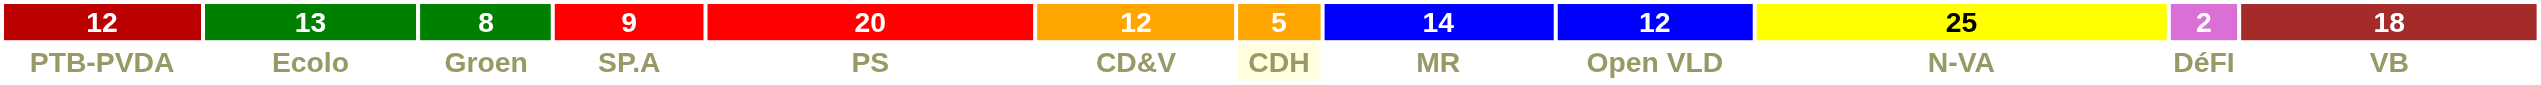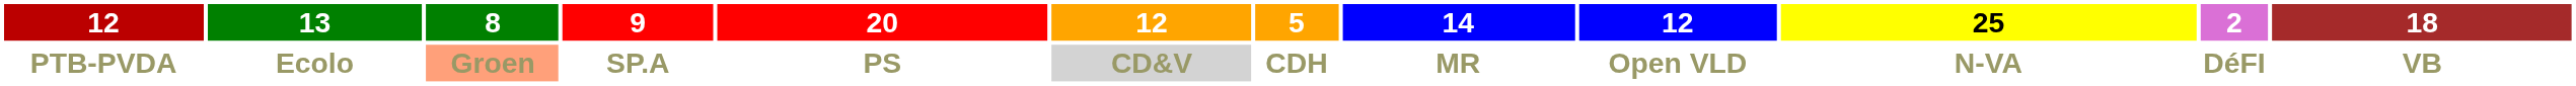 <table style="width:100%; font-size:88%; text-align:center;">
 <tr style="font-weight:bold">
 <td style="background:#BB0000; width:7.20%; color:white">12</td>
 <td style="background:green; width:7.80%; color:white">13</td>
 <td style="background:green; width:4.80%; color:white">8</td>
 <td style="background:red; width:5.40%; color:white">9</td>
 <td style="background:red; width:12.00%; color:white">20</td>
 <td style="background:orange; width:7.20%; color:white">12</td>
 <td style="background:orange; width:3.00%; color:white">5</td>
 <td style="background:blue; width:8.40%; color:white">14</td>
 <td style="background:blue; width:7.20%; color:white">12</td>
 <td style="background:yellow; width:15.00%; color:black">25</td>
 <td style="background:orchid; width:1.20%; color:white">2</td>
 <td style="background:brown; width:10.80%; color:white">18</td>
 </tr>
 <tr style="font-weight:bold; color:#996;">
 <td>PTB-PVDA</td>
 <td>Ecolo</td>
-<td>Groen</td>
+<td style="background: lightsalmon;">Groen</td>
 <td>SP.A</td>
 <td>PS</td>
-<td>CD&V</td>
-<td style="background: lightyellow;">CDH</td>
+<td style="background: lightgrey;">CD&V</td>
+<td>CDH</td>
 <td>MR</td>
 <td>Open VLD</td>
 <td>N-VA</td>
 <td>DéFI</td>
 <td>VB</td>
 </tr>
 </table>
